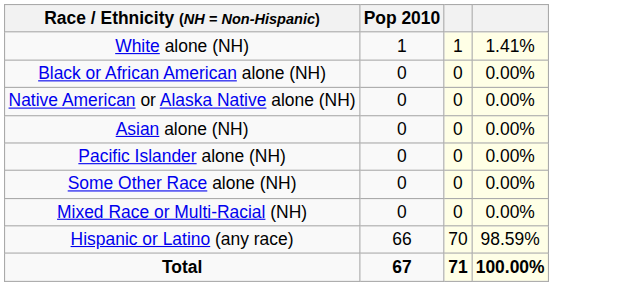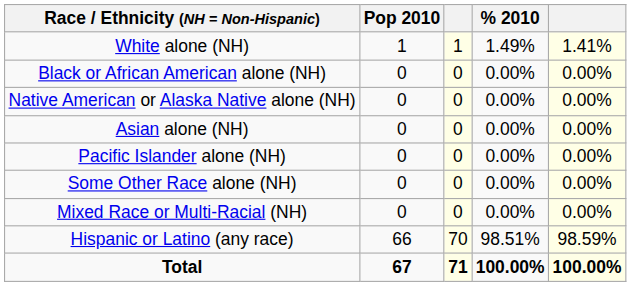 <table class="wikitable" style="text-align:center;">
 <tr>
 <th>Race / Ethnicity <small>(<em>NH = Non-Hispanic</em>)</small></th>
 <th>Pop 2010</th>
 <th></th>
+<th>% 2010</th>
 <th></th>
 </tr>
 <tr>
 <td><a href='#'>White</a> alone (NH)</td>
 <td>1</td>
 <td style='background: #ffffe6;'>1</td>
+<td>1.49%</td>
 <td style='background: #ffffe6;'>1.41%</td>
 </tr>
 <tr>
 <td><a href='#'>Black or African American</a> alone (NH)</td>
 <td>0</td>
 <td style='background: #ffffe6;'>0</td>
+<td>0.00%</td>
 <td style='background: #ffffe6;'>0.00%</td>
 </tr>
 <tr>
 <td><a href='#'>Native American</a> or <a href='#'>Alaska Native</a> alone (NH)</td>
 <td>0</td>
 <td style='background: #ffffe6;'>0</td>
+<td>0.00%</td>
 <td style='background: #ffffe6;'>0.00%</td>
 </tr>
 <tr>
 <td><a href='#'>Asian</a> alone (NH)</td>
 <td>0</td>
 <td style='background: #ffffe6;'>0</td>
+<td>0.00%</td>
 <td style='background: #ffffe6;'>0.00%</td>
 </tr>
 <tr>
 <td><a href='#'>Pacific Islander</a> alone (NH)</td>
 <td>0</td>
 <td style='background: #ffffe6;'>0</td>
+<td>0.00%</td>
 <td style='background: #ffffe6;'>0.00%</td>
 </tr>
 <tr>
 <td><a href='#'>Some Other Race</a> alone (NH)</td>
 <td>0</td>
 <td style='background: #ffffe6;'>0</td>
+<td>0.00%</td>
 <td style='background: #ffffe6;'>0.00%</td>
 </tr>
 <tr>
 <td><a href='#'>Mixed Race or Multi-Racial</a> (NH)</td>
 <td>0</td>
 <td style='background: #ffffe6;'>0</td>
+<td>0.00%</td>
 <td style='background: #ffffe6;'>0.00%</td>
 </tr>
 <tr>
 <td><a href='#'>Hispanic or Latino</a> (any race)</td>
 <td>66</td>
 <td style='background: #ffffe6;'>70</td>
+<td>98.51%</td>
 <td style='background: #ffffe6;'>98.59%</td>
 </tr>
 <tr>
 <td><strong>Total</strong></td>
 <td><strong>67</strong></td>
 <td style='background: #ffffe6;'><strong>71</strong></td>
+<td><strong>100.00%</strong></td>
 <td style='background: #ffffe6;'><strong>100.00%</strong></td>
 </tr>
 </table>
